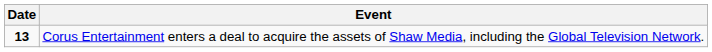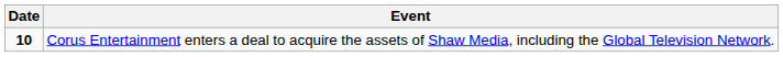 <table class="wikitable">
 <tr>
 <th>Date</th>
 <th>Event</th>
 </tr>
 <tr>
-<td style="text-align:center;"><strong>13</strong></td>
+<td style="text-align:center;"><strong>10</strong></td>
 <td><a href='#'>Corus Entertainment</a> enters a deal to acquire the assets of <a href='#'>Shaw Media</a>, including the <a href='#'>Global Television Network</a>.</td>
 </tr>
 </table>
